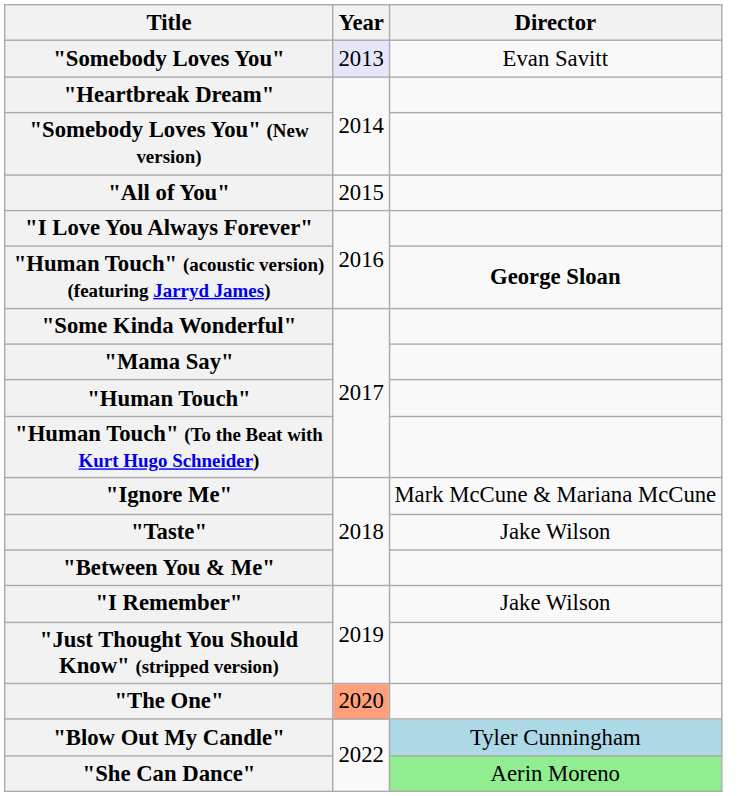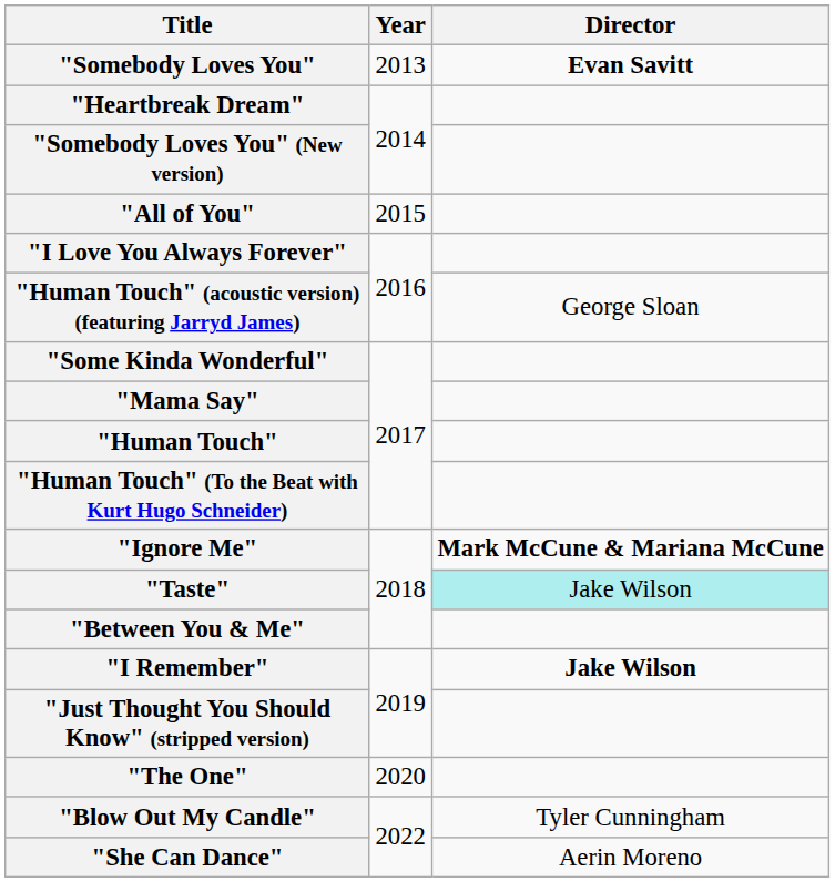 <table class="wikitable plainrowheaders" style="text-align:center;">
 <tr>
 <th scope="col" style="width:14em;">Title</th>
 <th scope="col">Year</th>
 <th scope="col">Director</th>
 </tr>
 <tr>
 <th scope="row">"Somebody Loves You"</th>
-<td style="background: lavender;">2013</td>
-<td>Evan Savitt</td>
+<td>2013</td>
+<td><strong>Evan Savitt</strong></td>
 </tr>
 <tr>
 <th scope="row">"Heartbreak Dream"</th>
 <td rowspan="2">2014</td>
 <td></td>
 </tr>
 <tr>
 <th scope="row">"Somebody Loves You" <small>(New version)</small></th>
 <td></td>
 </tr>
 <tr>
 <th scope="row">"All of You"</th>
 <td>2015</td>
 <td></td>
 </tr>
 <tr>
 <th scope="row">"I Love You Always Forever"</th>
 <td rowspan="2">2016</td>
 <td></td>
 </tr>
 <tr>
 <th scope="row">"Human Touch" <small>(acoustic version) (featuring <a href='#'>Jarryd James</a>)</small></th>
-<td><strong>George Sloan</strong></td>
+<td>George Sloan</td>
 </tr>
 <tr>
 <th scope="row">"Some Kinda Wonderful"</th>
 <td rowspan="4">2017</td>
 <td></td>
 </tr>
 <tr>
 <th scope="row">"Mama Say"</th>
 <td></td>
 </tr>
 <tr>
 <th scope="row">"Human Touch"</th>
 <td></td>
 </tr>
 <tr>
 <th scope="row">"Human Touch" <small>(To the Beat with <a href='#'>Kurt Hugo Schneider</a>)</small></th>
 <td></td>
 </tr>
 <tr>
 <th scope="row">"Ignore Me"</th>
 <td rowspan="3">2018</td>
-<td>Mark McCune & Mariana McCune</td>
+<td><strong>Mark McCune & Mariana McCune</strong></td>
 </tr>
 <tr>
 <th scope="row">"Taste"</th>
-<td>Jake Wilson</td>
+<td style="background: paleturquoise;">Jake Wilson</td>
 </tr>
 <tr>
 <th scope="row">"Between You & Me"</th>
 <td></td>
 </tr>
 <tr>
 <th scope="row">"I Remember"</th>
 <td rowspan="2">2019</td>
-<td>Jake Wilson</td>
+<td><strong>Jake Wilson</strong></td>
 </tr>
 <tr>
 <th scope="row">"Just Thought You Should Know" <small>(stripped version)</small></th>
 <td></td>
 </tr>
 <tr>
 <th scope="row">"The One"</th>
-<td style="background: lightsalmon;">2020</td>
+<td>2020</td>
 <td></td>
 </tr>
 <tr>
 <th scope="row">"Blow Out My Candle"</th>
 <td rowspan="2">2022</td>
-<td style="background: lightblue;">Tyler Cunningham</td>
+<td>Tyler Cunningham</td>
 </tr>
 <tr>
 <th scope="row">"She Can Dance"</th>
-<td style="background: lightgreen;">Aerin Moreno</td>
+<td>Aerin Moreno</td>
 </tr>
 </table>
